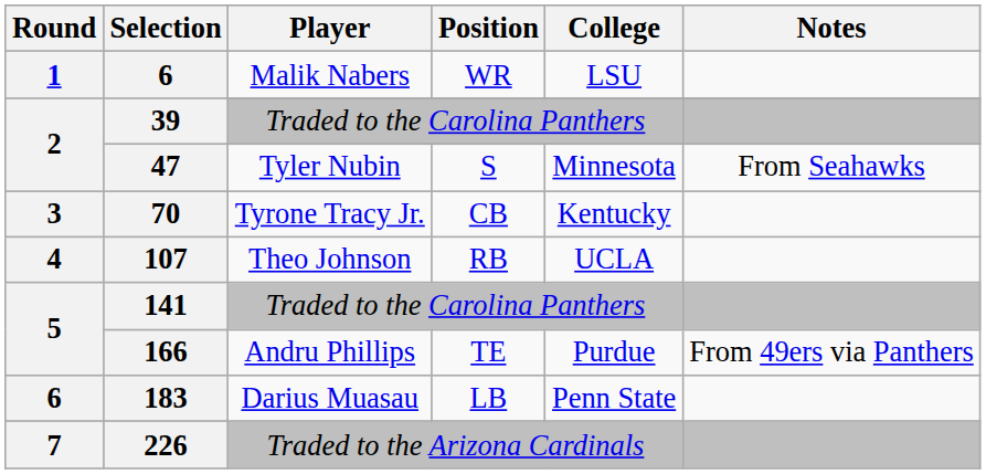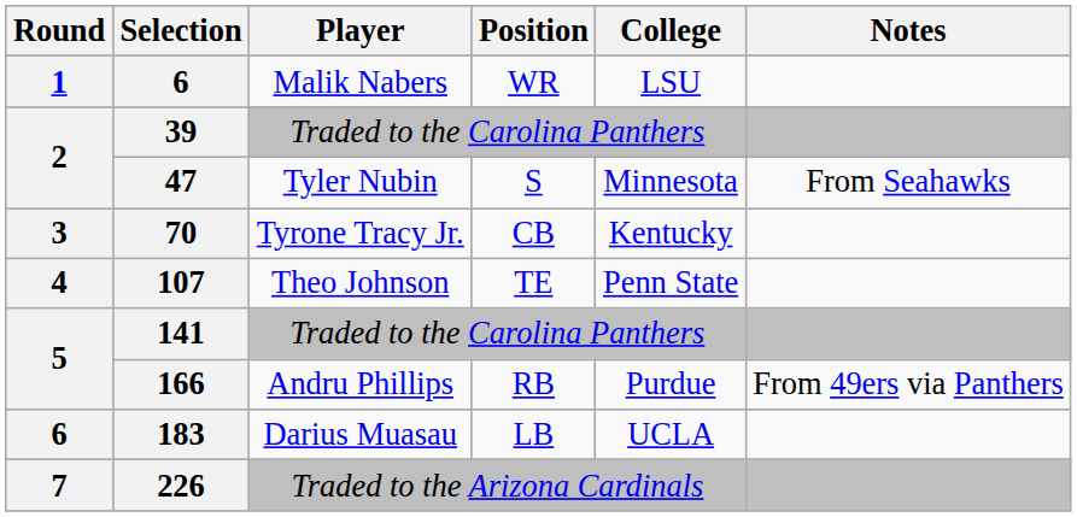 <table class="wikitable" style="text-align:center">
 <tr>
 <th>Round</th>
 <th>Selection</th>
 <th>Player</th>
 <th>Position</th>
 <th>College</th>
 <th>Notes</th>
 </tr>
 <tr>
 <th><a href='#'>1</a></th>
 <th>6</th>
 <td><a href='#'>Malik Nabers</a></td>
 <td><a href='#'>WR</a></td>
 <td><a href='#'>LSU</a></td>
 <td></td>
 </tr>
 <tr>
 <th rowspan="2">2</th>
 <th>39</th>
 <td colspan="3" style="background:#BFBFBF"><em>Traded to the <a href='#'>Carolina Panthers</a></em></td>
 <td style="background:#BFBFBF"></td>
 </tr>
 <tr>
 <th>47</th>
 <td><a href='#'>Tyler Nubin</a></td>
 <td><a href='#'>S</a></td>
 <td><a href='#'>Minnesota</a></td>
 <td>From <a href='#'>Seahawks</a></td>
 </tr>
 <tr>
 <th>3</th>
 <th>70</th>
 <td><a href='#'>Tyrone Tracy Jr.</a></td>
 <td><a href='#'>CB</a></td>
 <td><a href='#'>Kentucky</a></td>
 <td></td>
 </tr>
 <tr>
 <th>4</th>
 <th>107</th>
 <td><a href='#'>Theo Johnson</a></td>
-<td><a href='#'>RB</a></td>
-<td><a href='#'>UCLA</a></td>
+<td><a href='#'>TE</a></td>
+<td><a href='#'>Penn State</a></td>
 <td></td>
 </tr>
 <tr>
 <th rowspan="2">5</th>
 <th>141</th>
 <td colspan="3" style="background:#BFBFBF"><em>Traded to the <a href='#'>Carolina Panthers</a></em></td>
 <td style="background:#BFBFBF"></td>
 </tr>
 <tr>
 <th>166</th>
 <td><a href='#'>Andru Phillips</a></td>
-<td><a href='#'>TE</a></td>
+<td><a href='#'>RB</a></td>
 <td><a href='#'>Purdue</a></td>
 <td>From <a href='#'>49ers</a> via <a href='#'>Panthers</a></td>
 </tr>
 <tr>
 <th>6</th>
 <th>183</th>
 <td><a href='#'>Darius Muasau</a></td>
 <td><a href='#'>LB</a></td>
-<td><a href='#'>Penn State</a></td>
+<td><a href='#'>UCLA</a></td>
 <td></td>
 </tr>
 <tr>
 <th>7</th>
 <th>226</th>
 <td colspan="3" style="background:#BFBFBF"><em>Traded to the <a href='#'>Arizona Cardinals</a></em></td>
 <td style="background:#BFBFBF"></td>
 </tr>
 </table>
